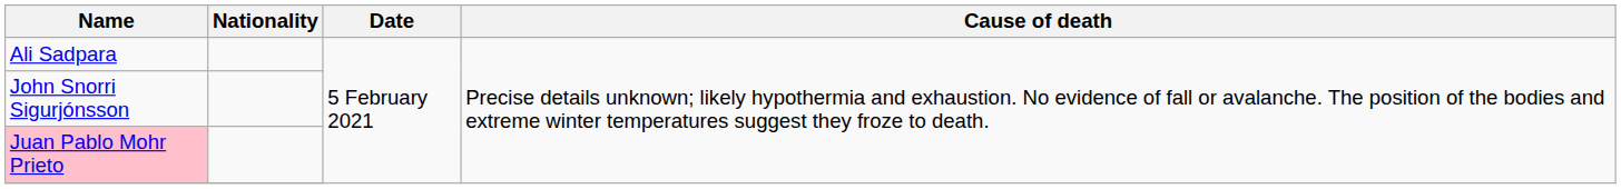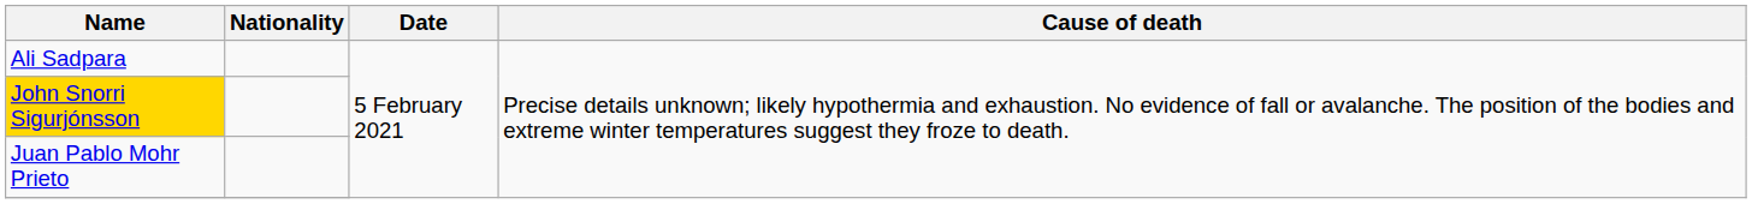 <table class="wikitable">
 <tr>
 <th>Name</th>
 <th>Nationality</th>
 <th>Date</th>
 <th>Cause of death</th>
 </tr>
 <tr>
 <td><a href='#'>Ali Sadpara</a></td>
 <td></td>
 <td rowspan="4">5 February 2021</td>
 <td rowspan="4">Precise details unknown; likely hypothermia and exhaustion. No evidence of fall or avalanche. The position of the bodies and extreme winter temperatures suggest they froze to death.</td>
 </tr>
 <tr>
-<td><a href='#'>John Snorri Sigurjónsson</a></td>
+<td style="background: gold;"><a href='#'>John Snorri Sigurjónsson</a></td>
 <td></td>
 </tr>
 <tr>
-<td style="background: pink;"><a href='#'>Juan Pablo Mohr Prieto</a></td>
+<td><a href='#'>Juan Pablo Mohr Prieto</a></td>
 <td></td>
 </tr>
 <tr>
 </tr>
 </table>
